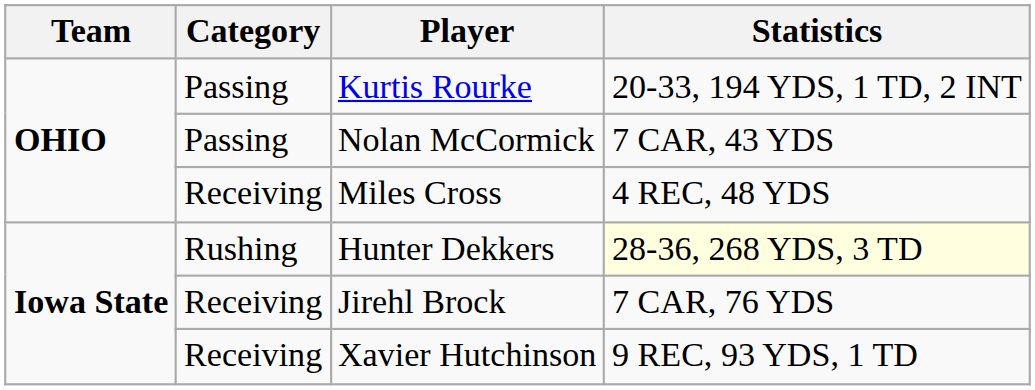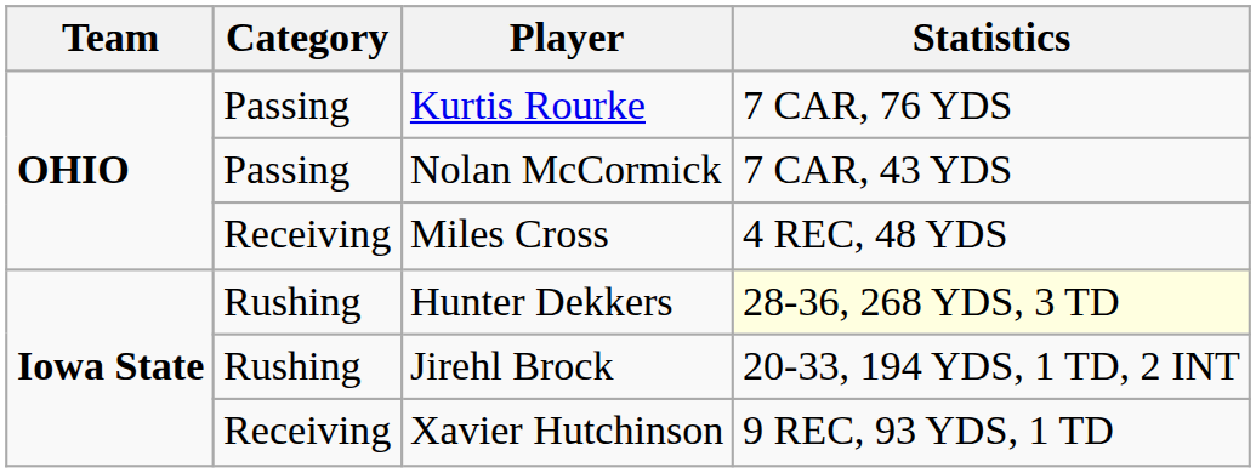 <table class="wikitable" style="float: right;">
 <tr>
 <th>Team</th>
 <th>Category</th>
 <th>Player</th>
 <th>Statistics</th>
 </tr>
 <tr>
 <td rowspan=3><strong>OHIO</strong></td>
 <td>Passing</td>
 <td><a href='#'>Kurtis Rourke</a></td>
-<td>20-33, 194 YDS, 1 TD, 2 INT</td>
+<td>7 CAR, 76 YDS</td>
 </tr>
 <tr>
 <td>Passing</td>
 <td>Nolan McCormick</td>
 <td>7 CAR, 43 YDS</td>
 </tr>
 <tr>
 <td>Receiving</td>
 <td>Miles Cross</td>
 <td>4 REC, 48 YDS</td>
 </tr>
 <tr>
 <td rowspan=3><strong>Iowa State</strong></td>
 <td>Rushing</td>
 <td>Hunter Dekkers</td>
 <td style="background: lightyellow;">28-36, 268 YDS, 3 TD</td>
 </tr>
 <tr>
-<td>Receiving</td>
+<td>Rushing</td>
 <td>Jirehl Brock</td>
-<td>7 CAR, 76 YDS</td>
+<td>20-33, 194 YDS, 1 TD, 2 INT</td>
 </tr>
 <tr>
 <td>Receiving</td>
 <td>Xavier Hutchinson</td>
 <td>9 REC, 93 YDS, 1 TD</td>
 </tr>
 </table>
